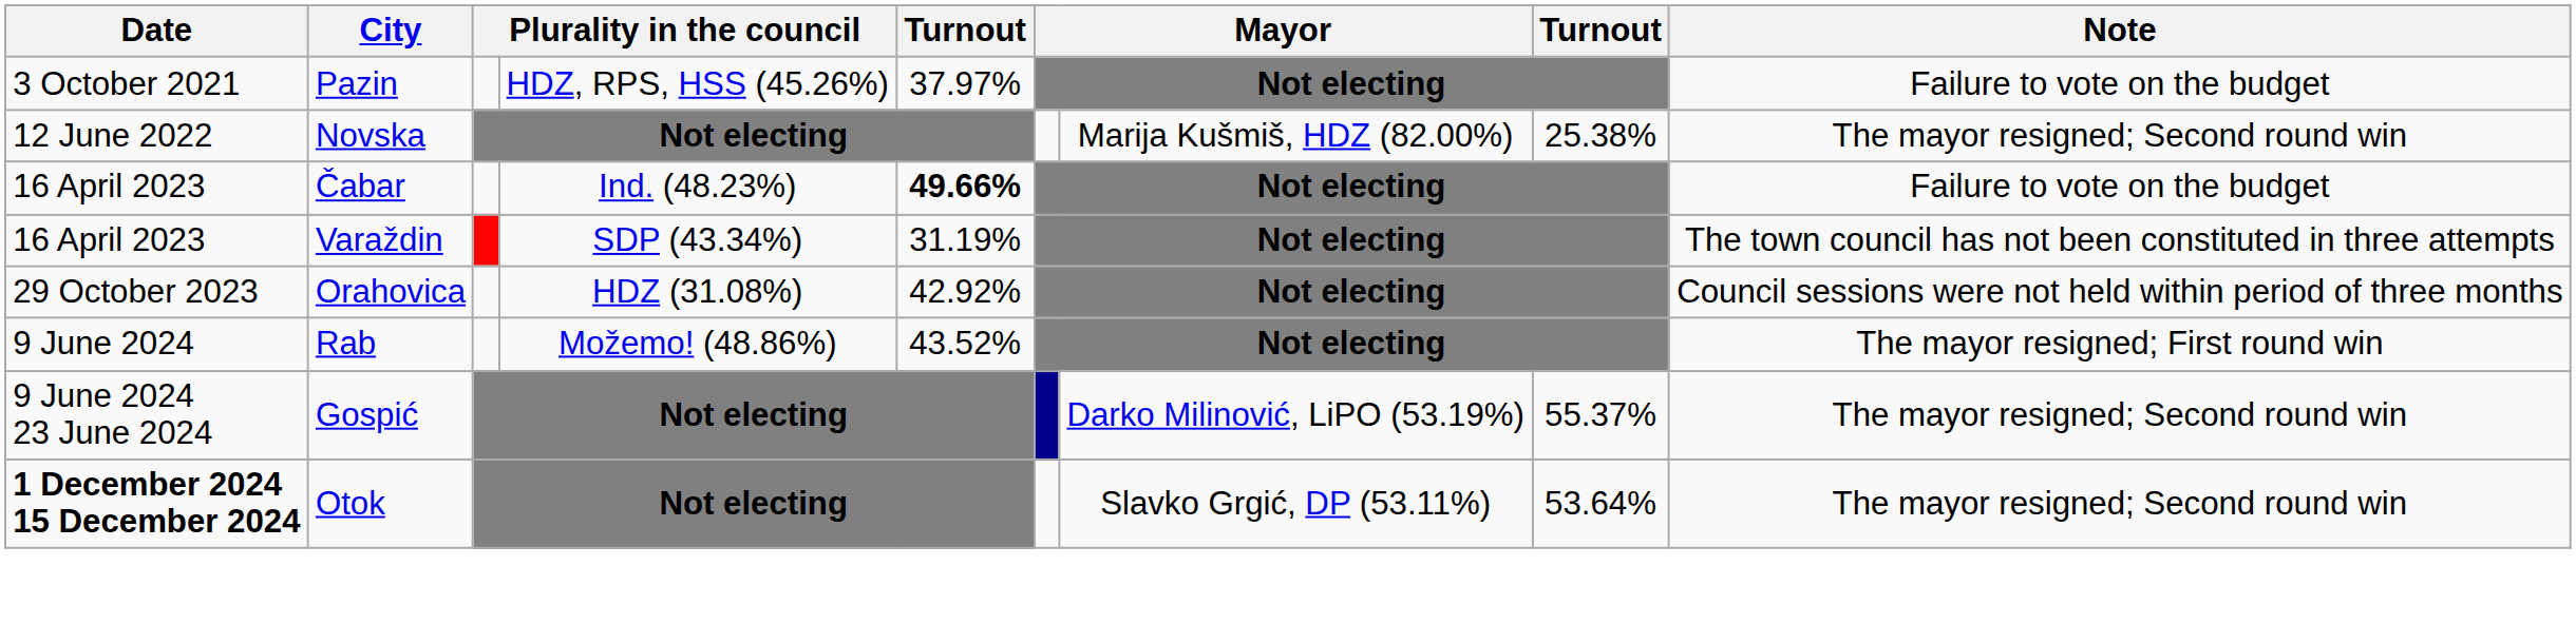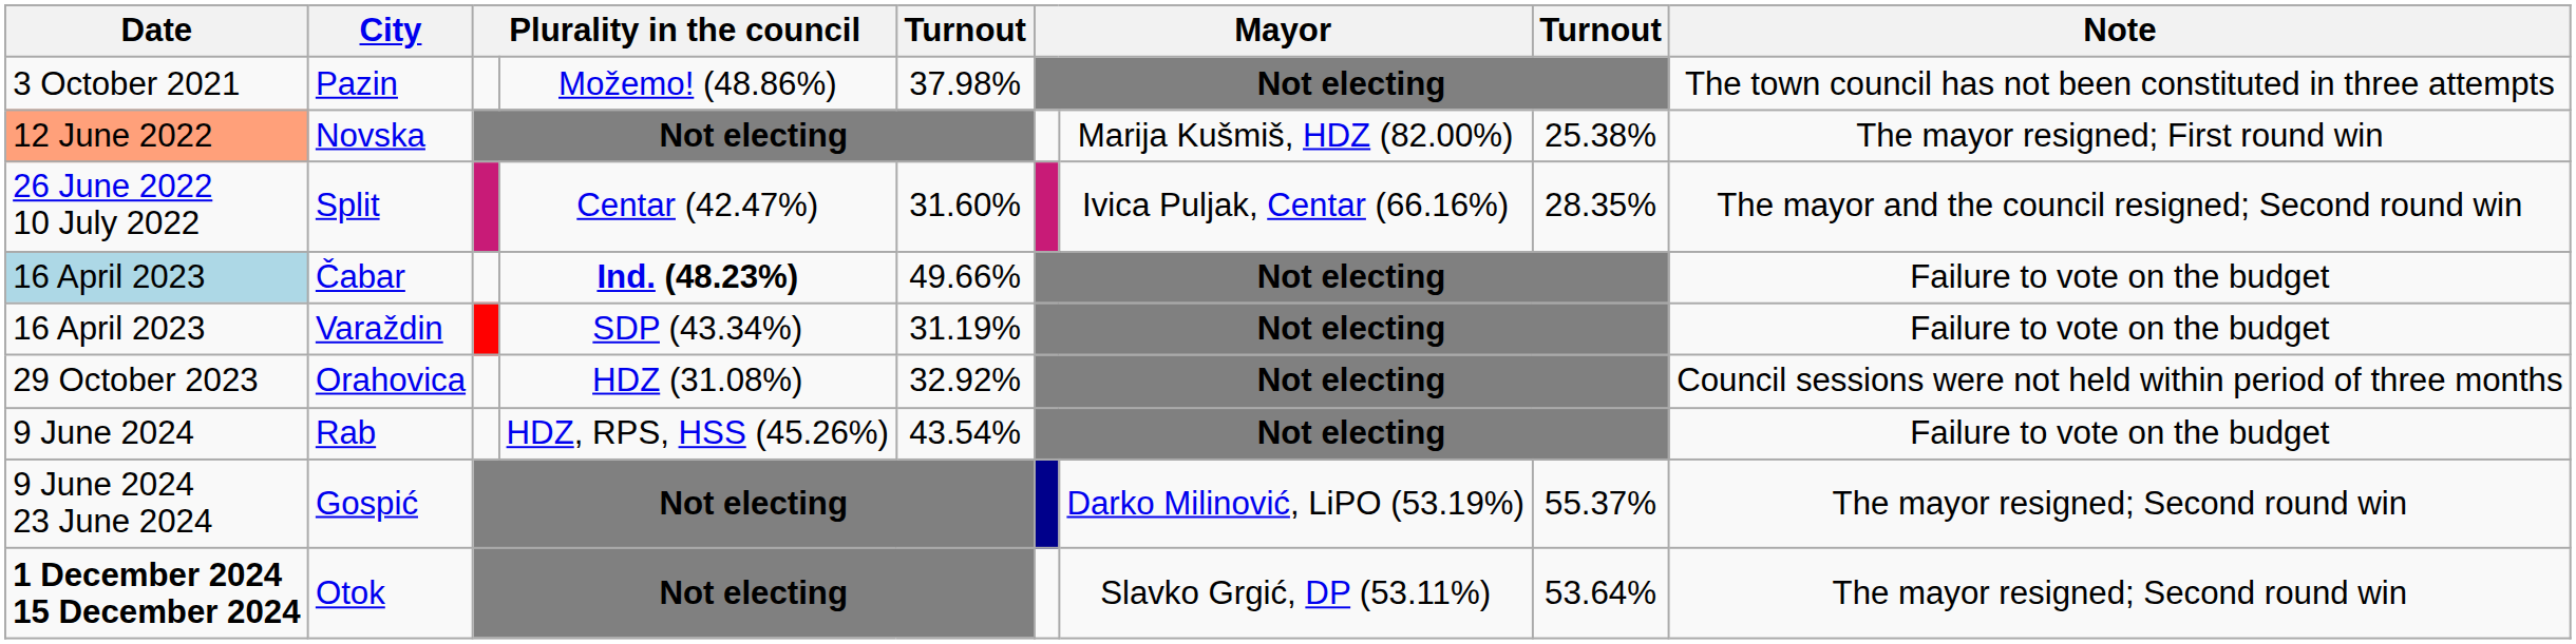 <table class="wikitable sortable">
 <tr>
 <th>Date</th>
 <th><a href='#'>City</a></th>
 <th colspan=2>Plurality in the council</th>
 <th>Turnout</th>
 <th colspan=2>Mayor</th>
 <th>Turnout</th>
 <th class="unsortable">Note</th>
 </tr>
 <tr>
 <td>3 October 2021</td>
 <td><a href='#'>Pazin</a></td>
 <td width=5px style="background-color:"></td>
-<td align="center"><a href='#'>HDZ</a>, RPS, <a href='#'>HSS</a> (45.26%)</td>
-<td align=center>37.97%</td>
+<td align=center><a href='#'>Možemo!</a> (48.86%)</td>
+<td align=center>37.98%</td>
 <td colspan="3"  align=center style="background-color:grey"><strong>Not electing</strong></td>
-<td align="center">Failure to vote on the budget</td>
+<td align=center>The town council has not been constituted in three attempts</td>
 </tr>
 <tr>
-<td>12 June 2022</td>
+<td style="background: lightsalmon;">12 June 2022</td>
 <td><a href='#'>Novska</a></td>
 <td colspan="3" align="center" style="background-color:grey"><strong>Not electing</strong></td>
 <td align="center" style="background-color:"></td>
 <td align="center">Marija Kušmiš, <a href='#'>HDZ</a> (82.00%)</td>
 <td align="center">25.38%</td>
-<td align="center">The mayor resigned; Second round win</td>
+<td align="center">The mayor resigned; First round win</td>
 </tr>
 <tr>
-<td>16 April 2023</td>
+<td><a href='#'>26 June 2022</a><br>10 July 2022</td>
+<td><a href='#'>Split</a></td>
+<td width="5px" style="background-color:#C81B77"></td>
+<td align="center"><a href='#'>Centar</a> (42.47%)</td>
+<td align="center">31.60%</td>
+<td width="5px" style="background-color:#C81B77"></td>
+<td align="center">Ivica Puljak, <a href='#'>Centar</a> (66.16%)</td>
+<td align="center">28.35%</td>
+<td align="center">The mayor and the council resigned; Second round win</td>
+</tr>
+<tr>
+<td style="background: lightblue;">16 April 2023</td>
 <td><a href='#'>Čabar</a></td>
 <td width="5px" style="background-color:"></td>
-<td align="center"><a href='#'>Ind.</a> (48.23%)</td>
-<td align="center"><strong>49.66%</strong></td>
+<td align="center"><strong><a href='#'>Ind.</a> (48.23%)</strong></td>
+<td align="center">49.66%</td>
 <td colspan="3" align=center style="background-color:grey"><strong>Not electing</strong></td>
 <td align="center">Failure to vote on the budget</td>
 </tr>
 <tr>
 <td>16 April 2023</td>
 <td><a href='#'>Varaždin</a></td>
 <td width="5px" style="background-color:red"></td>
 <td align="center"><a href='#'>SDP</a> (43.34%)</td>
 <td align="center">31.19%</td>
 <td colspan="3" align=center style="background-color:grey"><strong>Not electing</strong></td>
-<td align=center>The town council has not been constituted in three attempts</td>
+<td align="center">Failure to vote on the budget</td>
 </tr>
 <tr>
 <td>29 October 2023</td>
 <td><a href='#'>Orahovica</a></td>
 <td width="5px" style="background-color:"></td>
 <td align="center"><a href='#'>HDZ</a> (31.08%)</td>
-<td align="center">42.92%</td>
+<td align="center">32.92%</td>
 <td colspan="3" align=center style="background-color:grey"><strong>Not electing</strong></td>
 <td align="center">Council sessions were not held within period of three months</td>
 </tr>
 <tr>
 <td>9 June 2024</td>
 <td><a href='#'>Rab</a></td>
 <td width="5px" style="background-color:"></td>
-<td align=center><a href='#'>Možemo!</a> (48.86%)</td>
-<td align="center">43.52%</td>
+<td align="center"><a href='#'>HDZ</a>, RPS, <a href='#'>HSS</a> (45.26%)</td>
+<td align="center">43.54%</td>
 <td colspan="3" align=center style="background-color:grey"><strong>Not electing</strong></td>
-<td align="center">The mayor resigned; First round win</td>
+<td align="center">Failure to vote on the budget</td>
 </tr>
 <tr>
 <td>9 June 2024<br>23 June 2024</td>
 <td><a href='#'>Gospić</a></td>
 <td colspan="3" align=center style="background-color:grey"><strong>Not electing</strong></td>
 <td width="5px" style="background-color:darkblue"></td>
 <td align="center"><a href='#'>Darko Milinović</a>, LiPO (53.19%)</td>
 <td align="center">55.37%</td>
 <td align="center">The mayor resigned; Second round win</td>
 </tr>
 <tr>
 <td><strong>1 December 2024<br>15 December 2024</strong></td>
 <td><a href='#'>Otok</a></td>
 <td colspan="3" align=center style="background-color:grey"><strong>Not electing</strong></td>
 <td width="5px" style="background-color:"></td>
 <td align="center">Slavko Grgić, <a href='#'>DP</a> (53.11%)</td>
 <td align="center">53.64%</td>
 <td align="center">The mayor resigned; Second round win</td>
 </tr>
 </table>
